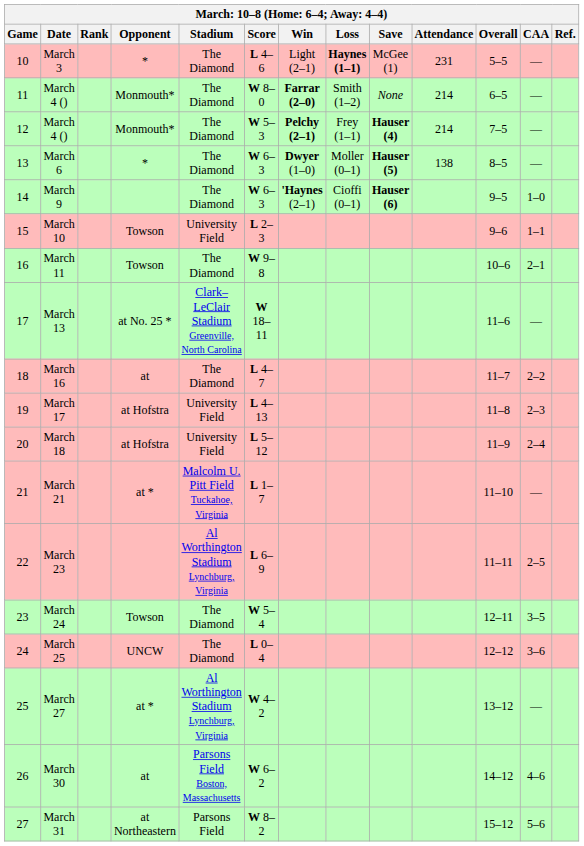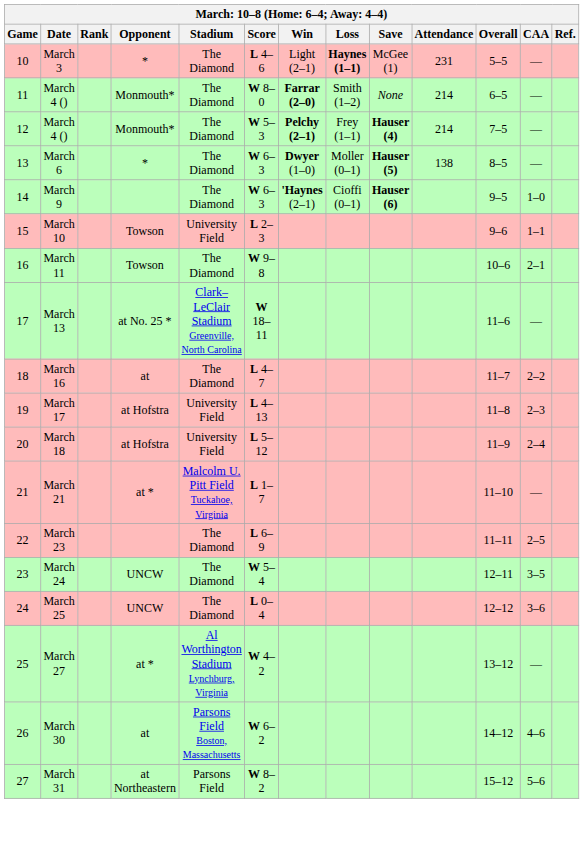 <table class="wikitable collapsible" style="margin:auto; width:100%; text-align:center; font-size:95%">
 <tr>
 <th colspan=13>March: 10–8 (Home: 6–4; Away: 4–4)</th>
 </tr>
 <tr>
 <th>Game</th>
 <th>Date</th>
 <th>Rank</th>
 <th>Opponent</th>
 <th>Stadium</th>
 <th>Score</th>
 <th>Win</th>
 <th>Loss</th>
 <th>Save</th>
 <th>Attendance</th>
 <th>Overall</th>
 <th>CAA</th>
 <th>Ref.</th>
 </tr>
 <tr style="text-align:center; background:#fbb;">
 <td>10</td>
 <td>March 3</td>
 <td></td>
 <td>*</td>
 <td>The Diamond</td>
 <td><strong>L</strong> 4–6</td>
 <td>Light (2–1)</td>
 <td><strong>Haynes (1–1)</strong></td>
 <td>McGee (1)</td>
 <td>231</td>
 <td>5–5</td>
 <td>—</td>
 <td></td>
 </tr>
 <tr style="text-align:center; background:#bfb;">
 <td>11</td>
 <td>March 4 ()</td>
 <td></td>
 <td>Monmouth*</td>
 <td>The Diamond</td>
 <td><strong>W</strong> 8–0</td>
 <td><strong>Farrar (2–0)</strong></td>
 <td>Smith (1–2)</td>
 <td><em>None</em></td>
 <td>214</td>
 <td>6–5</td>
 <td>—</td>
 <td></td>
 </tr>
 <tr style="text-align:center; background:#bfb;">
 <td>12</td>
 <td>March 4 ()</td>
 <td></td>
 <td>Monmouth*</td>
 <td>The Diamond</td>
 <td><strong>W</strong> 5–3</td>
 <td><strong>Pelchy (2–1)</strong></td>
 <td>Frey (1–1)</td>
 <td><strong>Hauser (4)</strong></td>
 <td>214</td>
 <td>7–5</td>
 <td>—</td>
 <td></td>
 </tr>
 <tr style="text-align:center; background:#bfb;">
 <td>13</td>
 <td>March 6</td>
 <td></td>
 <td>*</td>
 <td>The Diamond</td>
 <td><strong>W</strong> 6–3</td>
 <td><strong>Dwyer</strong> (1–0)</td>
 <td>Moller (0–1)</td>
 <td><strong>Hauser (5)</strong></td>
 <td>138</td>
 <td>8–5</td>
 <td>—</td>
 <td></td>
 </tr>
 <tr style="text-align:center; background:#bfb;">
 <td>14</td>
 <td>March 9</td>
 <td></td>
 <td></td>
 <td>The Diamond</td>
 <td><strong>W</strong> 6–3</td>
 <td><strong>'Haynes</strong> (2–1)</td>
 <td>Cioffi (0–1)</td>
 <td><strong>Hauser (6)</strong></td>
 <td></td>
 <td>9–5</td>
 <td>1–0</td>
 <td></td>
 </tr>
 <tr style="text-align:center; background:#fbb;">
 <td>15</td>
 <td>March 10</td>
 <td></td>
 <td>Towson</td>
 <td>University Field</td>
 <td><strong>L</strong> 2–3</td>
 <td></td>
 <td></td>
 <td></td>
 <td></td>
 <td>9–6</td>
 <td>1–1</td>
 <td></td>
 </tr>
 <tr style="text-align:center; background:#bfb;">
 <td>16</td>
 <td>March 11</td>
 <td></td>
 <td>Towson</td>
 <td>The Diamond</td>
 <td><strong>W</strong> 9–8</td>
 <td></td>
 <td></td>
 <td></td>
 <td></td>
 <td>10–6</td>
 <td>2–1</td>
 <td></td>
 </tr>
 <tr style="text-align:center; background:#bfb;">
 <td>17</td>
 <td>March 13</td>
 <td></td>
 <td>at No. 25 *</td>
 <td><a href='#'>Clark–LeClair Stadium</a><br><small><a href='#'>Greenville, North Carolina</a></small></td>
 <td><strong>W</strong> 18–11</td>
 <td></td>
 <td></td>
 <td></td>
 <td></td>
 <td>11–6</td>
 <td>—</td>
 <td></td>
 </tr>
 <tr style="text-align:center; background:#fbb;">
 <td>18</td>
 <td>March 16</td>
 <td></td>
 <td>at </td>
 <td>The Diamond</td>
 <td><strong>L</strong> 4–7</td>
 <td></td>
 <td></td>
 <td></td>
 <td></td>
 <td>11–7</td>
 <td>2–2</td>
 <td></td>
 </tr>
 <tr style="text-align:center; background:#fbb;">
 <td>19</td>
 <td>March 17</td>
 <td></td>
 <td>at Hofstra</td>
 <td>University Field</td>
 <td><strong>L</strong> 4–13</td>
 <td></td>
 <td></td>
 <td></td>
 <td></td>
 <td>11–8</td>
 <td>2–3</td>
 <td></td>
 </tr>
 <tr style="text-align:center; background:#fbb;">
 <td>20</td>
 <td>March 18</td>
 <td></td>
 <td>at Hofstra</td>
 <td>University Field</td>
 <td><strong>L</strong> 5–12</td>
 <td></td>
 <td></td>
 <td></td>
 <td></td>
 <td>11–9</td>
 <td>2–4</td>
 <td></td>
 </tr>
 <tr style="text-align:center; background:#fbb;">
 <td>21</td>
 <td>March 21</td>
 <td></td>
 <td>at *</td>
 <td><a href='#'>Malcolm U. Pitt Field</a><br><small><a href='#'>Tuckahoe, Virginia</a></small></td>
 <td><strong>L</strong> 1–7</td>
 <td></td>
 <td></td>
 <td></td>
 <td></td>
 <td>11–10</td>
 <td>—</td>
 <td></td>
 </tr>
 <tr style="text-align:center; background:#fbb;">
 <td>22</td>
 <td>March 23</td>
 <td></td>
 <td></td>
-<td><a href='#'>Al Worthington Stadium</a><br><small><a href='#'>Lynchburg, Virginia</a></small></td>
+<td>The Diamond</td>
 <td><strong>L</strong> 6–9</td>
 <td></td>
 <td></td>
 <td></td>
 <td></td>
 <td>11–11</td>
 <td>2–5</td>
 <td></td>
 </tr>
 <tr style="text-align:center; background:#bfb;">
 <td>23</td>
 <td>March 24</td>
 <td></td>
-<td>Towson</td>
+<td>UNCW</td>
 <td>The Diamond</td>
 <td><strong>W</strong> 5–4</td>
 <td></td>
 <td></td>
 <td></td>
 <td></td>
 <td>12–11</td>
 <td>3–5</td>
 <td></td>
 </tr>
 <tr style="text-align:center; background:#fbb;">
 <td>24</td>
 <td>March 25</td>
 <td></td>
 <td>UNCW</td>
 <td>The Diamond</td>
 <td><strong>L</strong> 0–4</td>
 <td></td>
 <td></td>
 <td></td>
 <td></td>
 <td>12–12</td>
 <td>3–6</td>
 <td></td>
 </tr>
 <tr style="text-align:center; background:#bfb;">
 <td>25</td>
 <td>March 27</td>
 <td></td>
 <td>at *</td>
 <td><a href='#'>Al Worthington Stadium</a><br><small><a href='#'>Lynchburg, Virginia</a></small></td>
 <td><strong>W</strong> 4–2</td>
 <td></td>
 <td></td>
 <td></td>
 <td></td>
 <td>13–12</td>
 <td>—</td>
 <td></td>
 </tr>
 <tr style="text-align:center; background:#bfb;">
 <td>26</td>
 <td>March 30</td>
 <td></td>
 <td>at </td>
 <td><a href='#'>Parsons Field</a><br><small><a href='#'>Boston, Massachusetts</a></small></td>
 <td><strong>W</strong> 6–2</td>
 <td></td>
 <td></td>
 <td></td>
 <td></td>
 <td>14–12</td>
 <td>4–6</td>
 <td></td>
 </tr>
 <tr style="text-align:center; background:#bfb;">
 <td>27</td>
 <td>March 31</td>
 <td></td>
 <td>at Northeastern</td>
 <td>Parsons Field</td>
 <td><strong>W</strong> 8–2</td>
 <td></td>
 <td></td>
 <td></td>
 <td></td>
 <td>15–12</td>
 <td>5–6</td>
 <td></td>
 </tr>
 </table>
